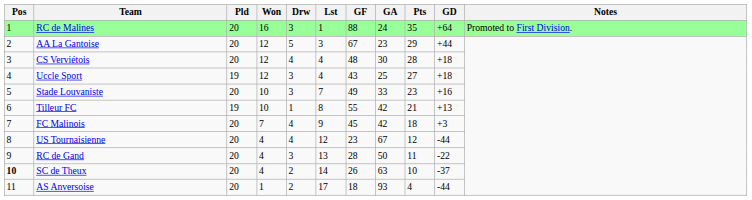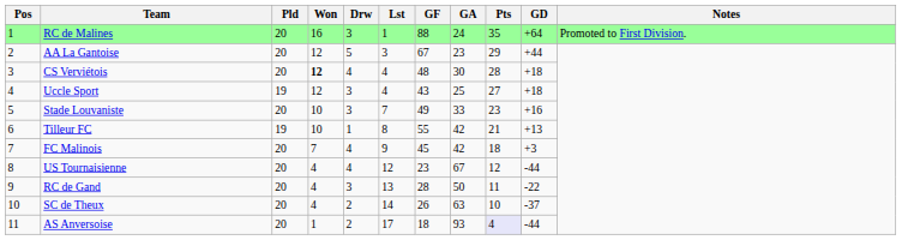 <table class="wikitable" width=70% style="font-size:90%">
 <tr>
 <th width=4%><strong>Pos</strong></th>
 <th width=26%><strong>Team</strong></th>
 <th width=4%><strong>Pld</strong></th>
 <th width=4%><strong>Won</strong></th>
 <th width=4%><strong>Drw</strong></th>
 <th width=4%><strong>Lst</strong></th>
 <th width=4%><strong>GF</strong></th>
 <th width=4%><strong>GA</strong></th>
 <th width=4%><strong>Pts</strong></th>
 <th width=4%><strong>GD</strong></th>
 <th width=38%><strong>Notes</strong></th>
 </tr>
 <tr bgcolor=#99ff99>
 <td>1</td>
 <td><a href='#'>RC de Malines</a></td>
 <td>20</td>
 <td>16</td>
 <td>3</td>
 <td>1</td>
 <td>88</td>
 <td>24</td>
 <td>35</td>
 <td>+64</td>
 <td>Promoted to <a href='#'>First Division</a>.</td>
 </tr>
 <tr>
 <td>2</td>
 <td><a href='#'>AA La Gantoise</a></td>
 <td>20</td>
 <td>12</td>
 <td>5</td>
 <td>3</td>
 <td>67</td>
 <td>23</td>
 <td>29</td>
 <td>+44</td>
 </tr>
 <tr>
 <td>3</td>
 <td><a href='#'>CS Verviétois</a></td>
 <td>20</td>
-<td>12</td>
+<td><strong>12</strong></td>
 <td>4</td>
 <td>4</td>
 <td>48</td>
 <td>30</td>
 <td>28</td>
 <td>+18</td>
 </tr>
 <tr>
 <td>4</td>
 <td><a href='#'>Uccle Sport</a></td>
 <td>19</td>
 <td>12</td>
 <td>3</td>
 <td>4</td>
 <td>43</td>
 <td>25</td>
 <td>27</td>
 <td>+18</td>
 </tr>
 <tr>
 <td>5</td>
 <td><a href='#'>Stade Louvaniste</a></td>
 <td>20</td>
 <td>10</td>
 <td>3</td>
 <td>7</td>
 <td>49</td>
 <td>33</td>
 <td>23</td>
 <td>+16</td>
 </tr>
 <tr>
 <td>6</td>
 <td><a href='#'>Tilleur FC</a></td>
 <td>19</td>
 <td>10</td>
 <td>1</td>
 <td>8</td>
 <td>55</td>
 <td>42</td>
 <td>21</td>
 <td>+13</td>
 </tr>
 <tr>
 <td>7</td>
 <td><a href='#'>FC Malinois</a></td>
 <td>20</td>
 <td>7</td>
 <td>4</td>
 <td>9</td>
 <td>45</td>
 <td>42</td>
 <td>18</td>
 <td>+3</td>
 </tr>
 <tr>
 <td>8</td>
 <td><a href='#'>US Tournaisienne</a></td>
 <td>20</td>
 <td>4</td>
 <td>4</td>
 <td>12</td>
 <td>23</td>
 <td>67</td>
 <td>12</td>
 <td>-44</td>
 </tr>
 <tr>
 <td>9</td>
 <td><a href='#'>RC de Gand</a></td>
 <td>20</td>
 <td>4</td>
 <td>3</td>
 <td>13</td>
 <td>28</td>
 <td>50</td>
 <td>11</td>
 <td>-22</td>
 </tr>
 <tr>
-<td><strong>10</strong></td>
+<td>10</td>
 <td><a href='#'>SC de Theux</a></td>
 <td>20</td>
 <td>4</td>
 <td>2</td>
 <td>14</td>
 <td>26</td>
 <td>63</td>
 <td>10</td>
 <td>-37</td>
 </tr>
 <tr>
 <td>11</td>
 <td><a href='#'>AS Anversoise</a></td>
 <td>20</td>
 <td>1</td>
 <td>2</td>
 <td>17</td>
 <td>18</td>
 <td>93</td>
-<td>4</td>
+<td style="background: lavender;">4</td>
 <td>-44</td>
 </tr>
 </table>
